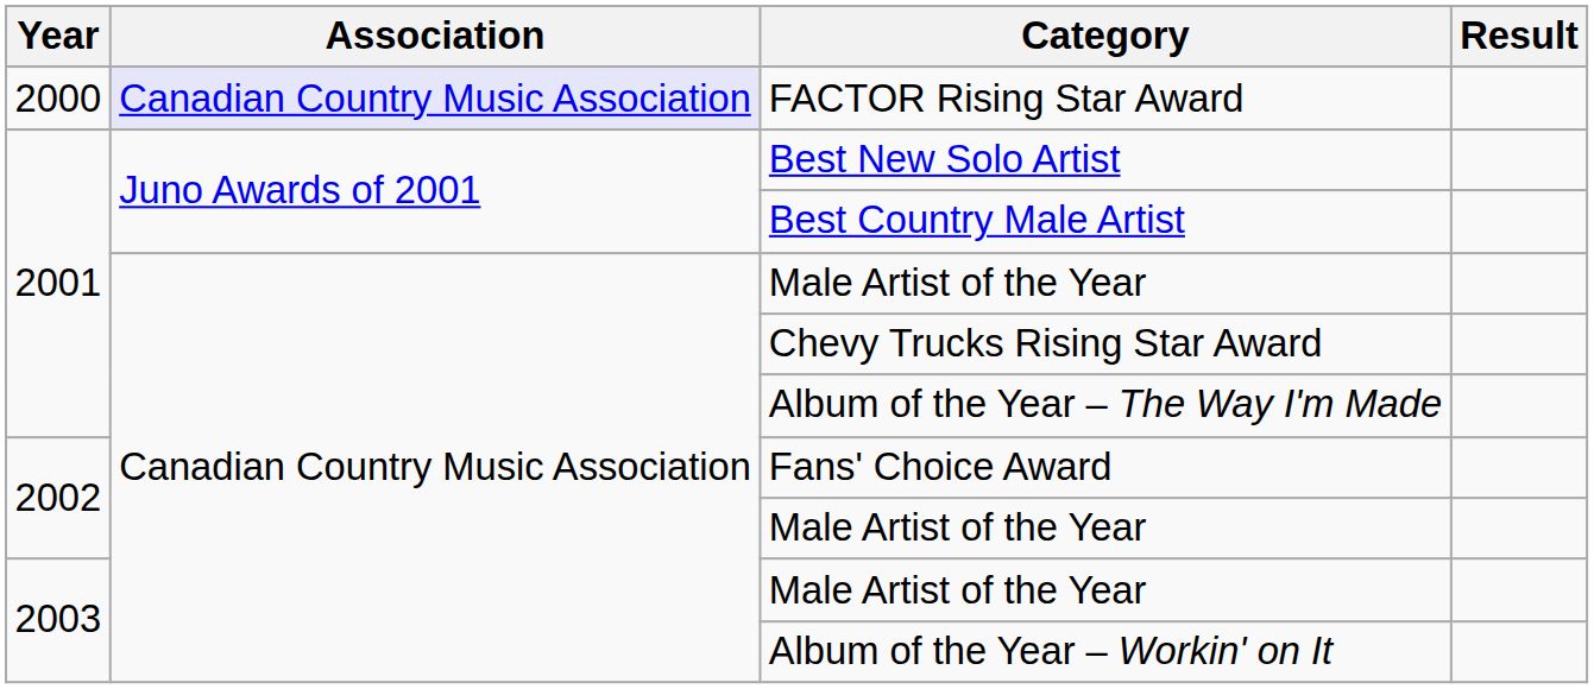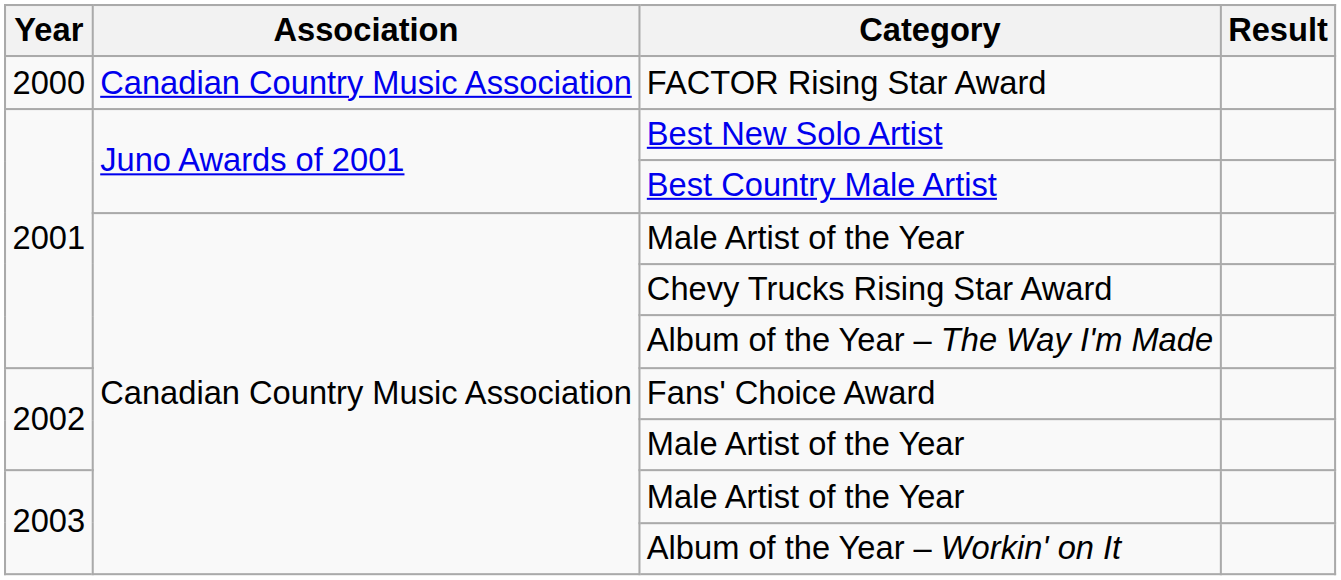 <table class="wikitable">
 <tr>
 <th>Year</th>
 <th>Association</th>
 <th>Category</th>
 <th>Result</th>
 </tr>
 <tr>
 <td>2000</td>
-<td style="background: lavender;"><a href='#'>Canadian Country Music Association</a></td>
+<td><a href='#'>Canadian Country Music Association</a></td>
 <td>FACTOR Rising Star Award</td>
 <td></td>
 </tr>
 <tr>
 <td rowspan="5">2001</td>
 <td rowspan="2"><a href='#'>Juno Awards of 2001</a></td>
 <td><a href='#'>Best New Solo Artist</a></td>
 <td></td>
 </tr>
 <tr>
 <td><a href='#'>Best Country Male Artist</a></td>
 <td></td>
 </tr>
 <tr>
 <td rowspan="7">Canadian Country Music Association</td>
 <td>Male Artist of the Year</td>
 <td></td>
 </tr>
 <tr>
 <td>Chevy Trucks Rising Star Award</td>
 <td></td>
 </tr>
 <tr>
 <td>Album of the Year – <em>The Way I'm Made</em></td>
 <td></td>
 </tr>
 <tr>
 <td rowspan="2">2002</td>
 <td>Fans' Choice Award</td>
 <td></td>
 </tr>
 <tr>
 <td>Male Artist of the Year</td>
 <td></td>
 </tr>
 <tr>
 <td rowspan="2">2003</td>
 <td>Male Artist of the Year</td>
 <td></td>
 </tr>
 <tr>
 <td>Album of the Year – <em>Workin' on It</em></td>
 <td></td>
 </tr>
 </table>
